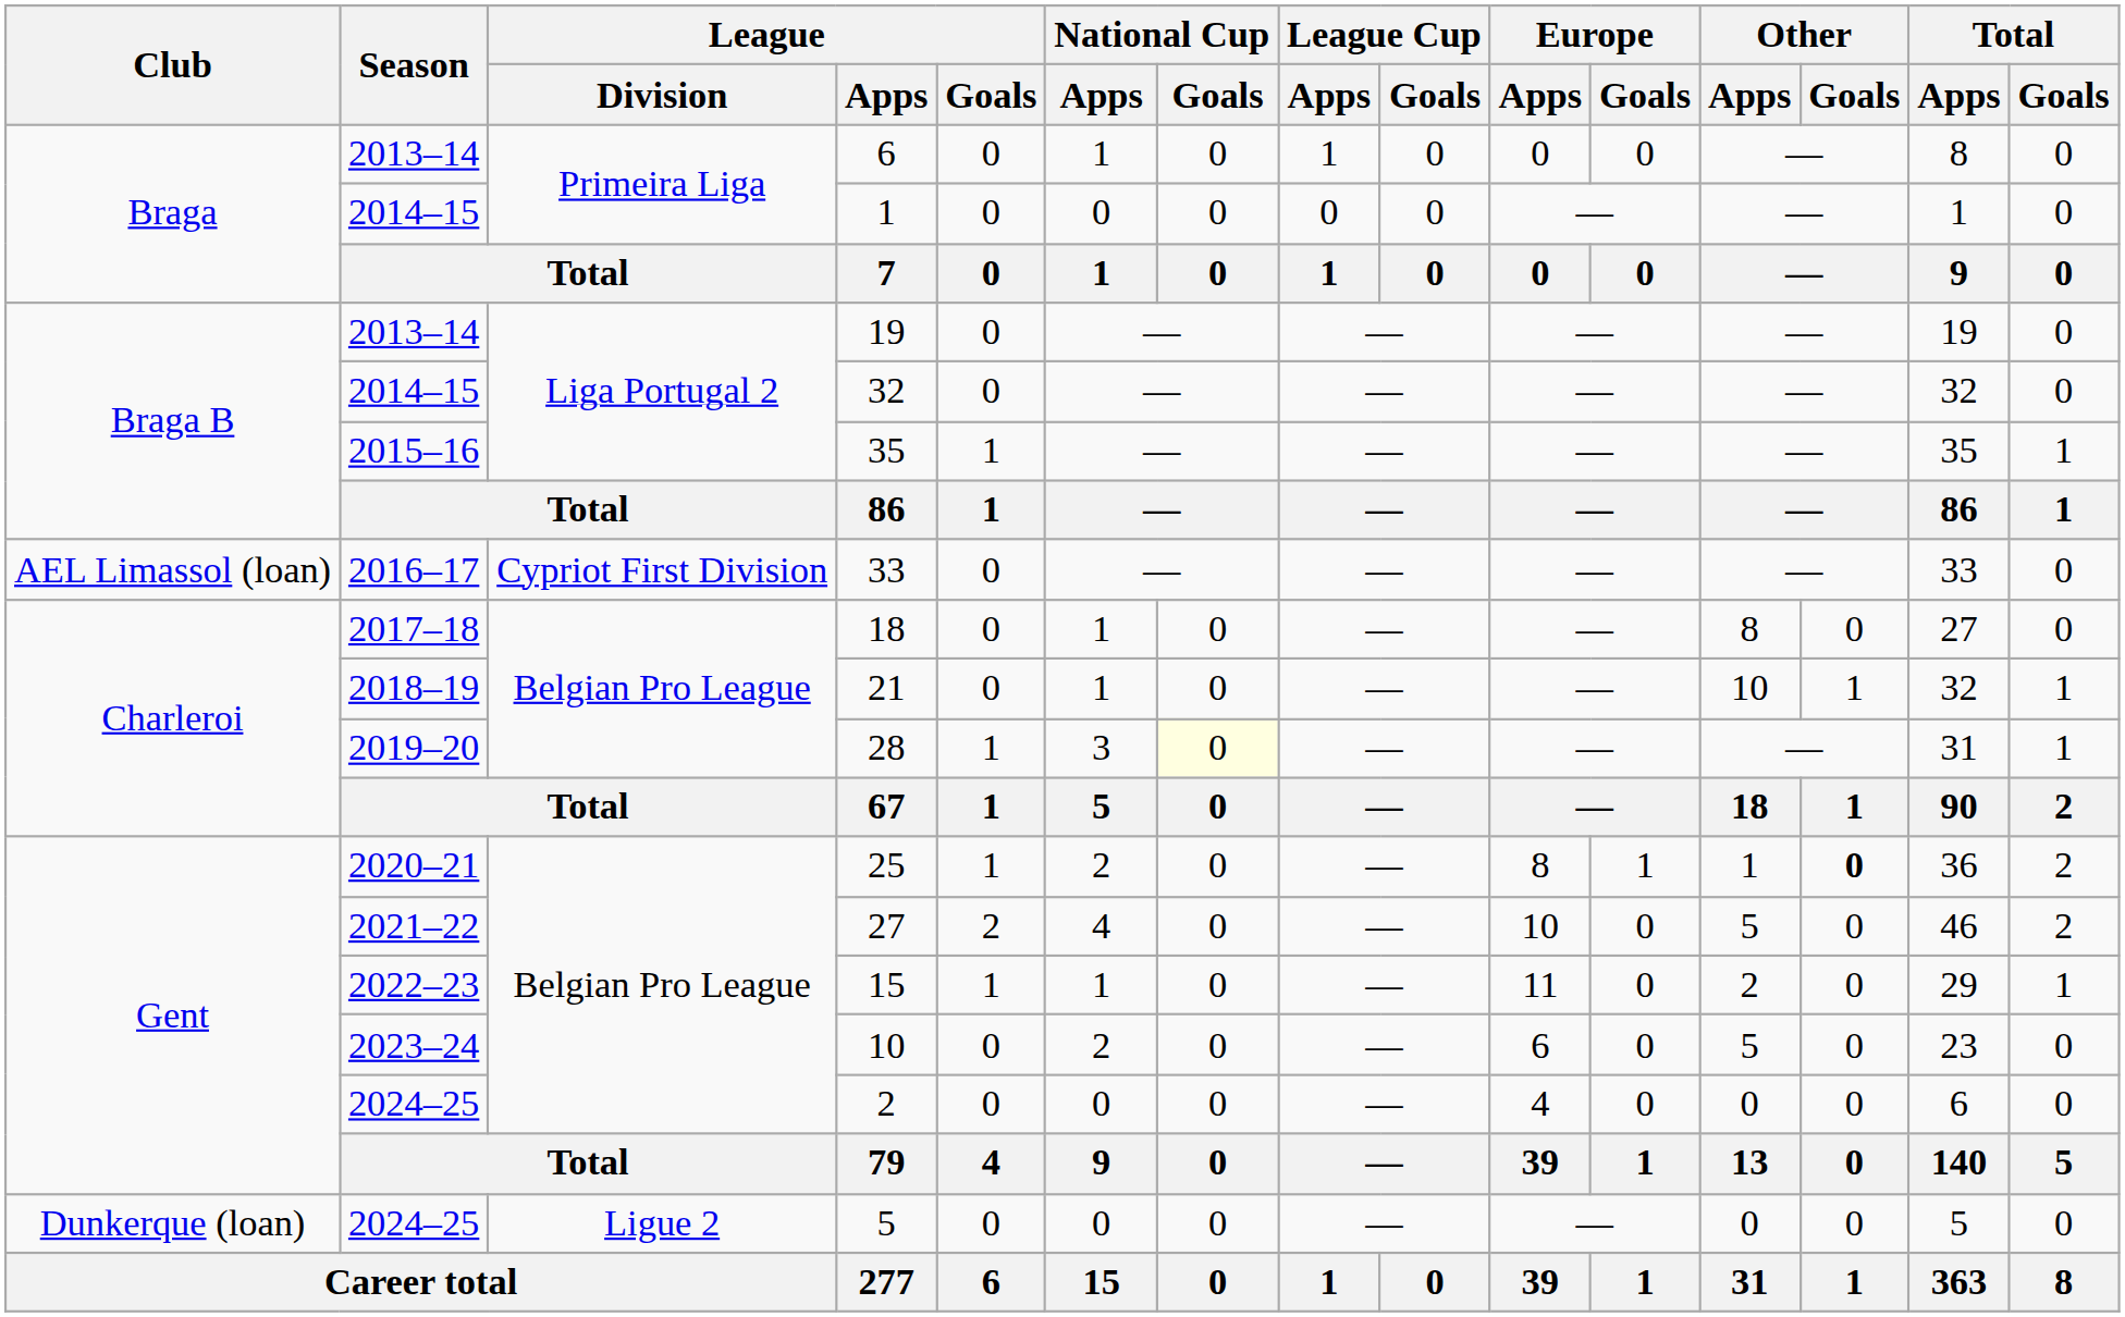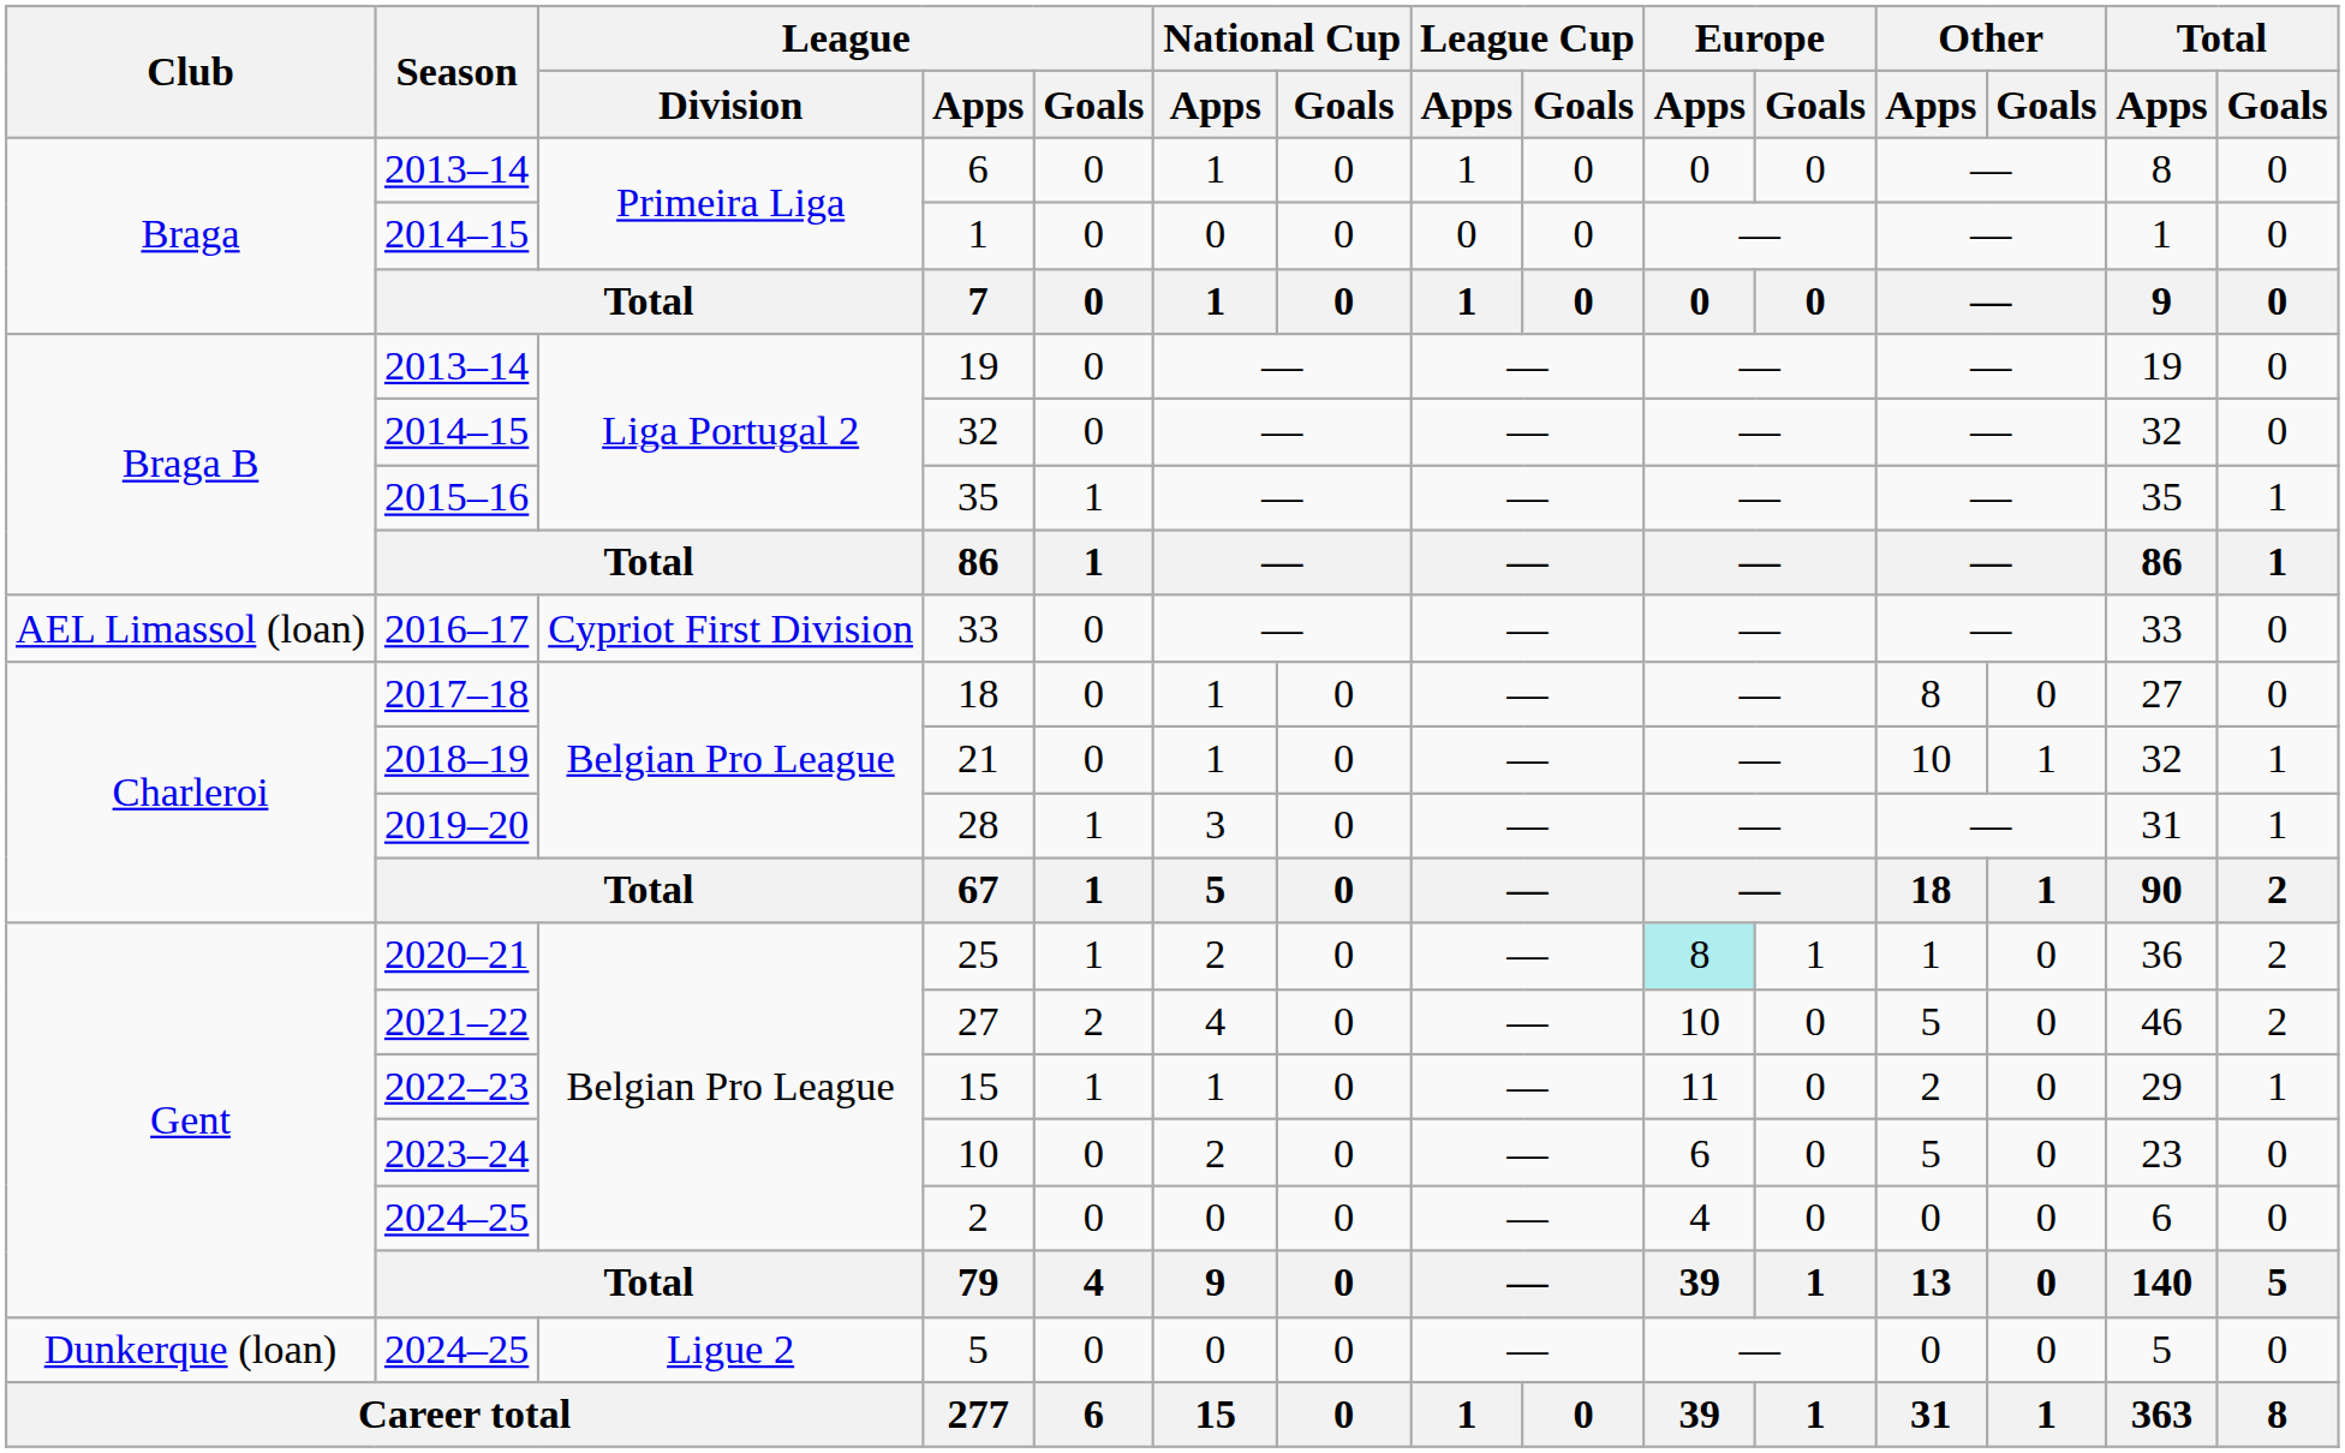 <table class="wikitable" style="text-align:center">
 <tr>
 <th rowspan="2">Club</th>
 <th rowspan="2">Season</th>
 <th colspan="3">League</th>
 <th colspan="2">National Cup</th>
 <th colspan="2">League Cup</th>
 <th colspan="2">Europe</th>
 <th colspan="2">Other</th>
 <th colspan="2">Total</th>
 </tr>
 <tr>
 <th>Division</th>
 <th>Apps</th>
 <th>Goals</th>
 <th>Apps</th>
 <th>Goals</th>
 <th>Apps</th>
 <th>Goals</th>
 <th>Apps</th>
 <th>Goals</th>
 <th>Apps</th>
 <th>Goals</th>
 <th>Apps</th>
 <th>Goals</th>
 </tr>
 <tr>
 <td rowspan="3"><a href='#'>Braga</a></td>
 <td><a href='#'>2013–14</a></td>
 <td rowspan="2"><a href='#'>Primeira Liga</a></td>
 <td>6</td>
 <td>0</td>
 <td>1</td>
 <td>0</td>
 <td>1</td>
 <td>0</td>
 <td>0</td>
 <td>0</td>
 <td colspan="2">—</td>
 <td>8</td>
 <td>0</td>
 </tr>
 <tr>
 <td><a href='#'>2014–15</a></td>
 <td>1</td>
 <td>0</td>
 <td>0</td>
 <td>0</td>
 <td>0</td>
 <td>0</td>
 <td colspan="2">—</td>
 <td colspan="2">—</td>
 <td>1</td>
 <td>0</td>
 </tr>
 <tr>
 <th colspan="2">Total</th>
 <th>7</th>
 <th>0</th>
 <th>1</th>
 <th>0</th>
 <th>1</th>
 <th>0</th>
 <th>0</th>
 <th>0</th>
 <th colspan="2">—</th>
 <th>9</th>
 <th>0</th>
 </tr>
 <tr>
 <td rowspan="4"><a href='#'>Braga B</a></td>
 <td><a href='#'>2013–14</a></td>
 <td rowspan="3"><a href='#'>Liga Portugal 2</a></td>
 <td>19</td>
 <td>0</td>
 <td colspan="2">—</td>
 <td colspan="2">—</td>
 <td colspan="2">—</td>
 <td colspan="2">—</td>
 <td>19</td>
 <td>0</td>
 </tr>
 <tr>
 <td><a href='#'>2014–15</a></td>
 <td>32</td>
 <td>0</td>
 <td colspan="2">—</td>
 <td colspan="2">—</td>
 <td colspan="2">—</td>
 <td colspan="2">—</td>
 <td>32</td>
 <td>0</td>
 </tr>
 <tr>
 <td><a href='#'>2015–16</a></td>
 <td>35</td>
 <td>1</td>
 <td colspan="2">—</td>
 <td colspan="2">—</td>
 <td colspan="2">—</td>
 <td colspan="2">—</td>
 <td>35</td>
 <td>1</td>
 </tr>
 <tr>
 <th colspan="2">Total</th>
 <th>86</th>
 <th>1</th>
 <th colspan="2">—</th>
 <th colspan="2">—</th>
 <th colspan="2">—</th>
 <th colspan="2">—</th>
 <th>86</th>
 <th>1</th>
 </tr>
 <tr>
 <td><a href='#'>AEL Limassol</a> (loan)</td>
 <td><a href='#'>2016–17</a></td>
 <td><a href='#'>Cypriot First Division</a></td>
 <td>33</td>
 <td>0</td>
 <td colspan="2">—</td>
 <td colspan="2">—</td>
 <td colspan="2">—</td>
 <td colspan="2">—</td>
 <td>33</td>
 <td>0</td>
 </tr>
 <tr>
 <td rowspan="4"><a href='#'>Charleroi</a></td>
 <td><a href='#'>2017–18</a></td>
 <td rowspan="3"><a href='#'>Belgian Pro League</a></td>
 <td>18</td>
 <td>0</td>
 <td>1</td>
 <td>0</td>
 <td colspan="2">—</td>
 <td colspan="2">—</td>
 <td>8</td>
 <td>0</td>
 <td>27</td>
 <td>0</td>
 </tr>
 <tr>
 <td><a href='#'>2018–19</a></td>
 <td>21</td>
 <td>0</td>
 <td>1</td>
 <td>0</td>
 <td colspan="2">—</td>
 <td colspan="2">—</td>
 <td>10</td>
 <td>1</td>
 <td>32</td>
 <td>1</td>
 </tr>
 <tr>
 <td><a href='#'>2019–20</a></td>
 <td>28</td>
 <td>1</td>
 <td>3</td>
-<td style="background: lightyellow;">0</td>
+<td>0</td>
 <td colspan="2">—</td>
 <td colspan="2">—</td>
 <td colspan="2">—</td>
 <td>31</td>
 <td>1</td>
 </tr>
 <tr>
 <th colspan="2">Total</th>
 <th>67</th>
 <th>1</th>
 <th>5</th>
 <th>0</th>
 <th colspan="2">—</th>
 <th colspan="2">—</th>
 <th>18</th>
 <th>1</th>
 <th>90</th>
 <th>2</th>
 </tr>
 <tr>
 <td rowspan="6"><a href='#'>Gent</a></td>
 <td><a href='#'>2020–21</a></td>
 <td rowspan="5">Belgian Pro League</td>
 <td>25</td>
 <td>1</td>
 <td>2</td>
 <td>0</td>
 <td colspan="2">—</td>
-<td>8</td>
+<td style="background: paleturquoise;">8</td>
 <td>1</td>
 <td>1</td>
-<td><strong>0</strong></td>
+<td>0</td>
 <td>36</td>
 <td>2</td>
 </tr>
 <tr>
 <td><a href='#'>2021–22</a></td>
 <td>27</td>
 <td>2</td>
 <td>4</td>
 <td>0</td>
 <td colspan="2">—</td>
 <td>10</td>
 <td>0</td>
 <td>5</td>
 <td>0</td>
 <td>46</td>
 <td>2</td>
 </tr>
 <tr>
 <td><a href='#'>2022–23</a></td>
 <td>15</td>
 <td>1</td>
 <td>1</td>
 <td>0</td>
 <td colspan="2">—</td>
 <td>11</td>
 <td>0</td>
 <td>2</td>
 <td>0</td>
 <td>29</td>
 <td>1</td>
 </tr>
 <tr>
 <td><a href='#'>2023–24</a></td>
 <td>10</td>
 <td>0</td>
 <td>2</td>
 <td>0</td>
 <td colspan="2">—</td>
 <td>6</td>
 <td>0</td>
 <td>5</td>
 <td>0</td>
 <td>23</td>
 <td>0</td>
 </tr>
 <tr>
 <td><a href='#'>2024–25</a></td>
 <td>2</td>
 <td>0</td>
 <td>0</td>
 <td>0</td>
 <td colspan="2">—</td>
 <td>4</td>
 <td>0</td>
 <td>0</td>
 <td>0</td>
 <td>6</td>
 <td>0</td>
 </tr>
 <tr>
 <th colspan="2">Total</th>
 <th>79</th>
 <th>4</th>
 <th>9</th>
 <th>0</th>
 <th colspan="2">—</th>
 <th>39</th>
 <th>1</th>
 <th>13</th>
 <th>0</th>
 <th>140</th>
 <th>5</th>
 </tr>
 <tr>
 <td><a href='#'>Dunkerque</a> (loan)</td>
 <td><a href='#'>2024–25</a></td>
 <td><a href='#'>Ligue 2</a></td>
 <td>5</td>
 <td>0</td>
 <td>0</td>
 <td>0</td>
 <td colspan="2">—</td>
 <td colspan="2">—</td>
 <td>0</td>
 <td>0</td>
 <td>5</td>
 <td>0</td>
 </tr>
 <tr>
 <th colspan="3">Career total</th>
 <th>277</th>
 <th>6</th>
 <th>15</th>
 <th>0</th>
 <th>1</th>
 <th>0</th>
 <th>39</th>
 <th>1</th>
 <th>31</th>
 <th>1</th>
 <th>363</th>
 <th>8</th>
 </tr>
 </table>
